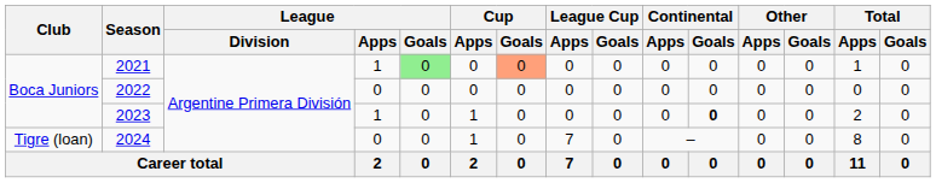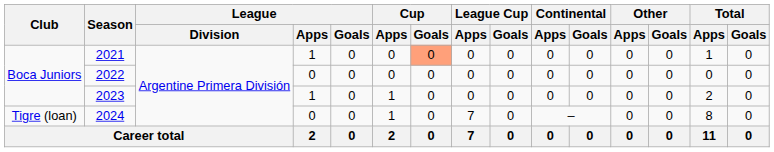 <table class="wikitable" style="text-align: center">
 <tr>
 <th rowspan="2">Club</th>
 <th rowspan="2">Season</th>
 <th colspan="3">League</th>
 <th colspan="2">Cup</th>
 <th colspan="2">League Cup</th>
 <th colspan="2">Continental</th>
 <th colspan="2">Other</th>
 <th colspan="2">Total</th>
 </tr>
 <tr>
 <th>Division</th>
 <th>Apps</th>
 <th>Goals</th>
 <th>Apps</th>
 <th>Goals</th>
 <th>Apps</th>
 <th>Goals</th>
 <th>Apps</th>
 <th>Goals</th>
 <th>Apps</th>
 <th>Goals</th>
 <th>Apps</th>
 <th>Goals</th>
 </tr>
 <tr>
 <td rowspan="3"><a href='#'>Boca Juniors</a></td>
 <td><a href='#'>2021</a></td>
 <td rowspan="4"><a href='#'>Argentine Primera División</a></td>
 <td>1</td>
-<td style="background: lightgreen;">0</td>
+<td>0</td>
 <td>0</td>
 <td style="background: lightsalmon;">0</td>
 <td>0</td>
 <td>0</td>
 <td>0</td>
 <td>0</td>
 <td>0</td>
 <td>0</td>
 <td>1</td>
 <td>0</td>
 </tr>
 <tr>
 <td><a href='#'>2022</a></td>
 <td>0</td>
 <td>0</td>
 <td>0</td>
 <td>0</td>
 <td>0</td>
 <td>0</td>
 <td>0</td>
 <td>0</td>
 <td>0</td>
 <td>0</td>
 <td>0</td>
 <td>0</td>
 </tr>
 <tr>
 <td><a href='#'>2023</a></td>
 <td>1</td>
 <td>0</td>
 <td>1</td>
 <td>0</td>
 <td>0</td>
 <td>0</td>
 <td>0</td>
-<td><strong>0</strong></td>
+<td>0</td>
 <td>0</td>
 <td>0</td>
 <td>2</td>
 <td>0</td>
 </tr>
 <tr>
 <td><a href='#'>Tigre</a> (loan)</td>
 <td><a href='#'>2024</a></td>
 <td>0</td>
 <td>0</td>
 <td>1</td>
 <td>0</td>
 <td>7</td>
 <td>0</td>
 <td colspan="2">–</td>
 <td>0</td>
 <td>0</td>
 <td>8</td>
 <td>0</td>
 </tr>
 <tr>
 <th colspan="3">Career total</th>
 <th>2</th>
 <th>0</th>
 <th>2</th>
 <th>0</th>
 <th>7</th>
 <th>0</th>
 <th>0</th>
 <th>0</th>
 <th>0</th>
 <th>0</th>
 <th>11</th>
 <th>0</th>
 </tr>
 </table>
